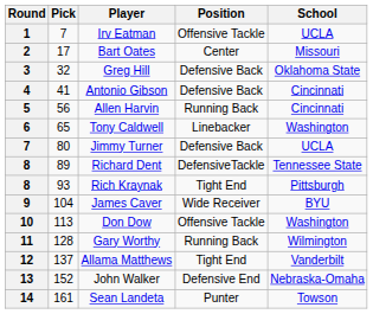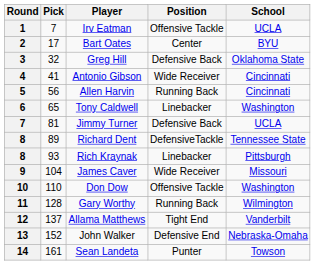 <table class="wikitable sortable sortable">
 <tr>
 <th>Round</th>
 <th>Pick</th>
 <th>Player</th>
 <th>Position</th>
 <th>School</th>
 </tr>
 <tr>
 <th>1</th>
 <td align=center>7</td>
 <td align=center><a href='#'>Irv Eatman</a></td>
 <td align=center>Offensive Tackle</td>
 <td align=center><a href='#'>UCLA</a></td>
 </tr>
 <tr>
 <th>2</th>
 <td align=center>17</td>
 <td align=center><a href='#'>Bart Oates</a></td>
 <td align=center>Center</td>
-<td align=center><a href='#'>Missouri</a></td>
+<td align=center><a href='#'>BYU</a></td>
 </tr>
 <tr>
 <th>3</th>
 <td align=center>32</td>
 <td align=center><a href='#'>Greg Hill</a></td>
 <td align=center>Defensive Back</td>
 <td align=center><a href='#'>Oklahoma State</a></td>
 </tr>
 <tr>
 <th>4</th>
 <td align=center>41</td>
 <td align=center><a href='#'>Antonio Gibson</a></td>
-<td align=center>Defensive Back</td>
+<td align=center>Wide Receiver</td>
 <td align=center><a href='#'>Cincinnati</a></td>
 </tr>
 <tr>
 <th>5</th>
 <td align=center>56</td>
 <td align=center><a href='#'>Allen Harvin</a></td>
 <td align=center>Running Back</td>
 <td align=center><a href='#'>Cincinnati</a></td>
 </tr>
 <tr>
 <th>6</th>
 <td align=center>65</td>
 <td align=center><a href='#'>Tony Caldwell</a></td>
 <td align=center>Linebacker</td>
 <td align=center><a href='#'>Washington</a></td>
 </tr>
 <tr>
 <th>7</th>
-<td align=center>80</td>
+<td align=center>81</td>
 <td align=center><a href='#'>Jimmy Turner</a></td>
 <td align=center>Defensive Back</td>
 <td align=center><a href='#'>UCLA</a></td>
 </tr>
 <tr>
 <th>8</th>
 <td align=center>89</td>
 <td align=center><a href='#'>Richard Dent</a></td>
 <td align=center>DefensiveTackle</td>
 <td align=center><a href='#'>Tennessee State</a></td>
 </tr>
 <tr>
 <th>8</th>
 <td align=center>93</td>
 <td align=center><a href='#'>Rich Kraynak</a></td>
-<td align=center>Tight End</td>
+<td align=center>Linebacker</td>
 <td align=center><a href='#'>Pittsburgh</a></td>
 </tr>
 <tr>
 <th>9</th>
 <td align=center>104</td>
 <td align=center><a href='#'>James Caver</a></td>
 <td align=center>Wide Receiver</td>
-<td align=center><a href='#'>BYU</a></td>
+<td align=center><a href='#'>Missouri</a></td>
 </tr>
 <tr>
 <th>10</th>
-<td align=center>113</td>
+<td align=center>110</td>
 <td align=center><a href='#'>Don Dow</a></td>
 <td align=center>Offensive Tackle</td>
 <td align=center><a href='#'>Washington</a></td>
 </tr>
 <tr>
 <th>11</th>
 <td align=center>128</td>
 <td align=center><a href='#'>Gary Worthy</a></td>
 <td align=center>Running Back</td>
 <td align=center><a href='#'>Wilmington</a></td>
 </tr>
 <tr>
 <th>12</th>
 <td align=center>137</td>
 <td align=center><a href='#'>Allama Matthews</a></td>
 <td align=center>Tight End</td>
 <td align=center><a href='#'>Vanderbilt</a></td>
 </tr>
 <tr>
 <th>13</th>
 <td align=center>152</td>
 <td align=center>John Walker</td>
 <td align=center>Defensive End</td>
 <td align=center><a href='#'>Nebraska-Omaha</a></td>
 </tr>
 <tr>
 <th>14</th>
 <td align=center>161</td>
 <td align=center><a href='#'>Sean Landeta</a></td>
 <td align=center>Punter</td>
 <td align=center><a href='#'>Towson</a></td>
 </tr>
 </table>
